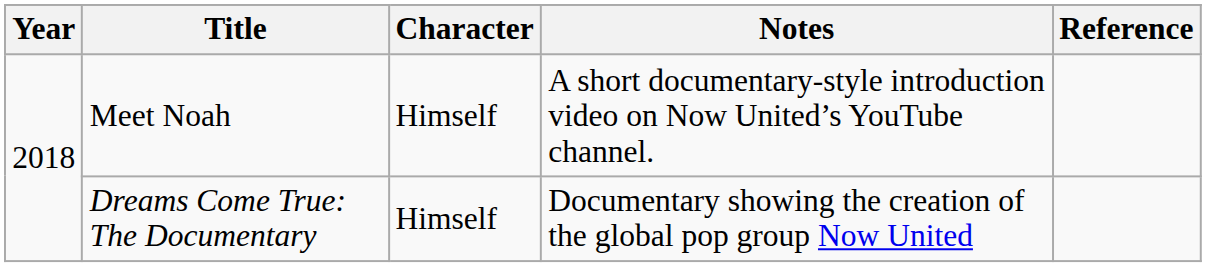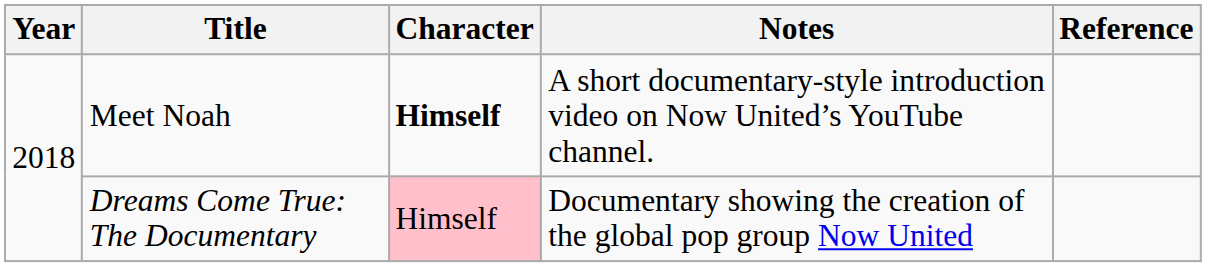 <table class="wikitable">
 <tr>
 <th>Year</th>
 <th>Title</th>
 <th>Character</th>
 <th>Notes</th>
 <th>Reference</th>
 </tr>
 <tr>
 <td rowspan="2">2018</td>
 <td>Meet Noah</td>
-<td>Himself</td>
+<td><strong>Himself</strong></td>
 <td>A short documentary-style introduction video on Now United’s YouTube channel.</td>
 <td></td>
 </tr>
 <tr>
 <td><em>Dreams Come True: The Documentary</em></td>
-<td>Himself</td>
+<td style="background: pink;">Himself</td>
 <td>Documentary showing the creation of the global pop group <a href='#'>Now United</a></td>
 <td></td>
 </tr>
 </table>
